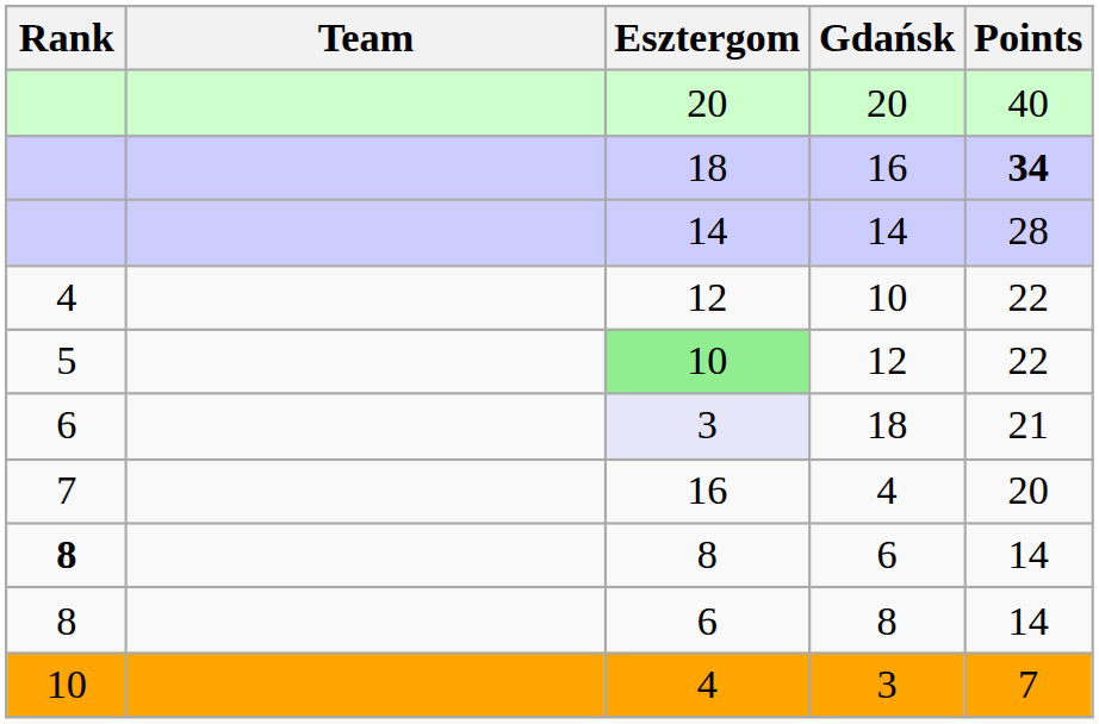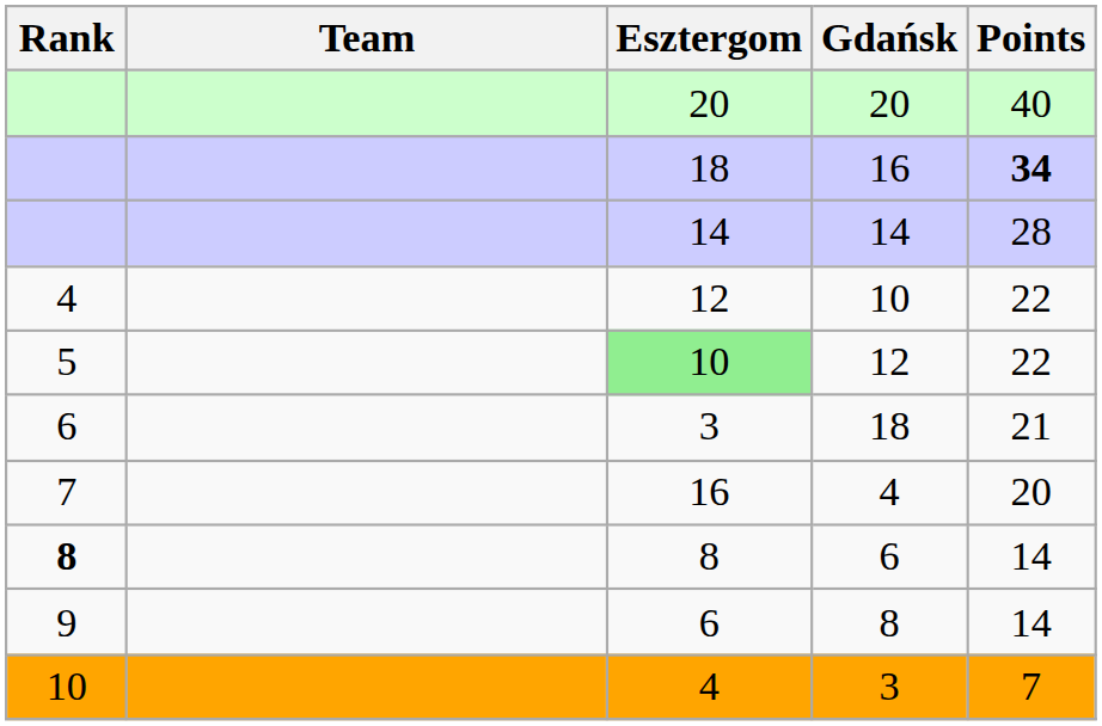 <table class="wikitable" style="text-align: center;">
 <tr>
 <th width=40>Rank</th>
 <th width=180>Team</th>
 <th width=40>Esztergom</th>
 <th width=40>Gdańsk</th>
 <th width=40>Points</th>
 </tr>
 <tr bgcolor=ccffcc>
 <td></td>
 <td align=left></td>
 <td>20</td>
 <td>20</td>
 <td>40</td>
 </tr>
 <tr bgcolor=ccccff>
 <td></td>
 <td align=left></td>
 <td>18</td>
 <td>16</td>
 <td><strong>34</strong></td>
 </tr>
 <tr bgcolor=ccccff>
 <td></td>
 <td align=left></td>
 <td>14</td>
 <td>14</td>
 <td>28</td>
 </tr>
 <tr>
 <td>4</td>
 <td align=left></td>
 <td>12</td>
 <td>10</td>
 <td>22</td>
 </tr>
 <tr>
 <td>5</td>
 <td align=left></td>
 <td style="background: lightgreen;">10</td>
 <td>12</td>
 <td>22</td>
 </tr>
 <tr>
 <td>6</td>
 <td align=left></td>
-<td style="background: lavender;">3</td>
+<td>3</td>
 <td>18</td>
 <td>21</td>
 </tr>
 <tr>
 <td>7</td>
 <td align=left></td>
 <td>16</td>
 <td>4</td>
 <td>20</td>
 </tr>
 <tr>
 <td><strong>8</strong></td>
 <td align=left></td>
 <td>8</td>
 <td>6</td>
 <td>14</td>
 </tr>
 <tr>
-<td>8</td>
+<td>9</td>
 <td align=left></td>
 <td>6</td>
 <td>8</td>
 <td>14</td>
 </tr>
 <tr bgcolor=FFA500>
 <td>10</td>
 <td align=left></td>
 <td>4</td>
 <td>3</td>
 <td>7</td>
 </tr>
 <tr>
 </tr>
 </table>
